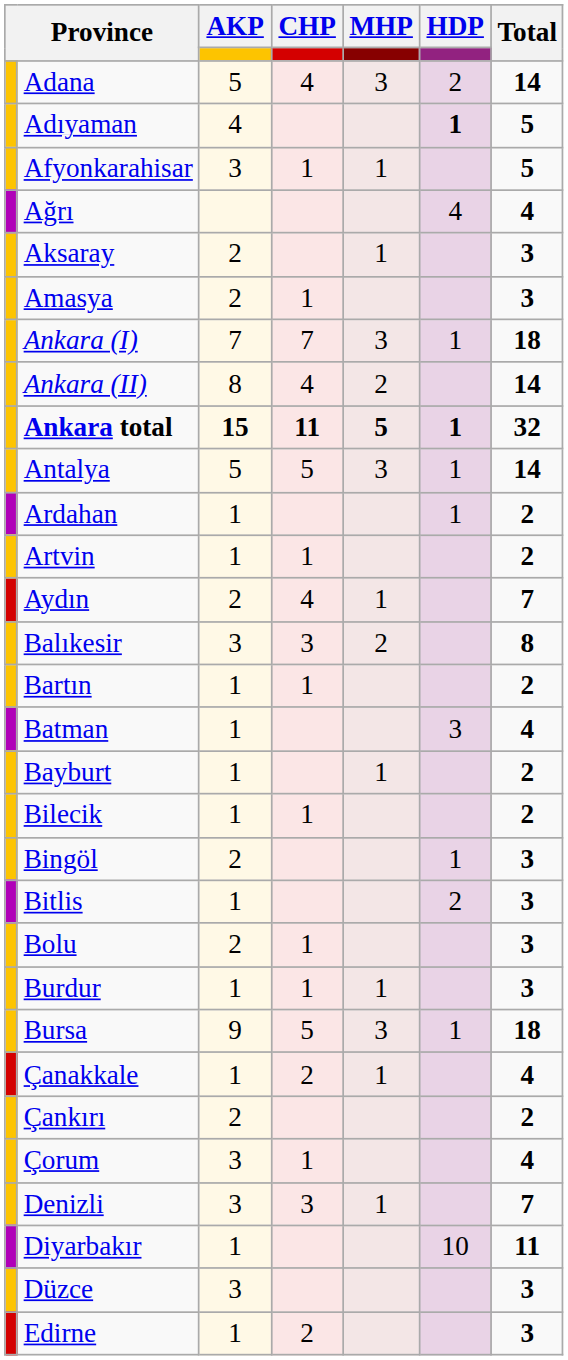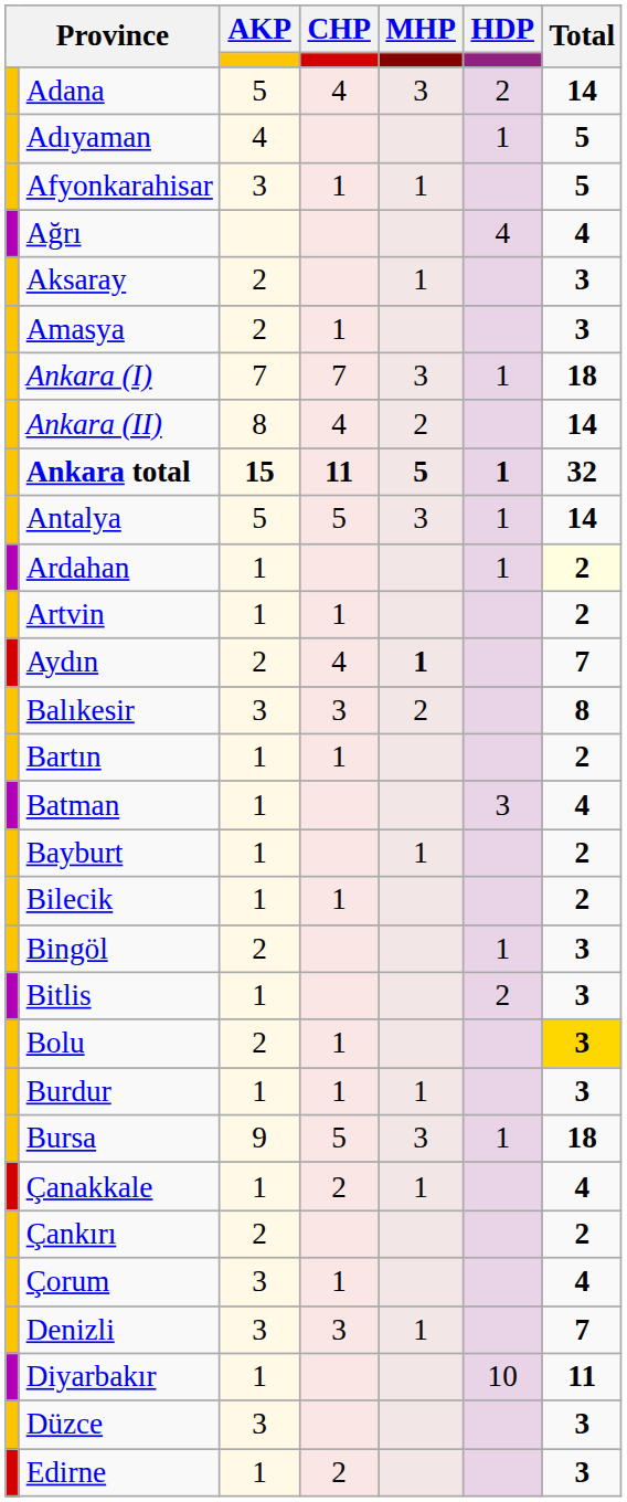 <table class="wikitable" style="text-align:center">
 <tr>
 <th rowspan="2" colspan="2" style="width: 70px;">Province</th>
 <th style="width: 35px;"><a href='#'>AKP</a></th>
 <th style="width: 35px;"><a href='#'>CHP</a></th>
 <th style="width: 35px;"><a href='#'>MHP</a></th>
 <th style="width: 35px;"><a href='#'>HDP</a></th>
 <th rowspan="2">Total</th>
 </tr>
 <tr>
 <th style="background: #fdc400"></th>
 <th style="background: #d40000"></th>
 <th style="background: #870000"></th>
 <th style="background: #922280"></th>
 </tr>
 <tr>
 <td style="background: #fdc400"></td>
 <td style="text-align:left"><a href='#'>Adana</a></td>
 <td style="background:#FFF9E6">5</td>
 <td style="background:#FBE6E6">4</td>
 <td style="background:#F3E6E6">3</td>
 <td style="background:#E9D3E6">2</td>
 <td><strong>14</strong></td>
 </tr>
 <tr>
 <td style="background: #fdc400"></td>
 <td style="text-align:left"><a href='#'>Adıyaman</a></td>
 <td style="background:#FFF9E6">4</td>
 <td style="background:#FBE6E6"></td>
 <td style="background:#F3E6E6"></td>
-<td style="background:#E9D3E6"><strong>1</strong></td>
+<td style="background:#E9D3E6">1</td>
 <td><strong>5</strong></td>
 </tr>
 <tr>
 <td style="background: #fdc400"></td>
 <td style="text-align:left"><a href='#'>Afyonkarahisar</a></td>
 <td style="background:#FFF9E6">3</td>
 <td style="background:#FBE6E6">1</td>
 <td style="background:#F3E6E6">1</td>
 <td style="background:#E9D3E6"></td>
 <td><strong>5</strong></td>
 </tr>
 <tr>
 <td style="background: #b000b8"></td>
 <td style="text-align:left"><a href='#'>Ağrı</a></td>
 <td style="background:#FFF9E6"></td>
 <td style="background:#FBE6E6"></td>
 <td style="background:#F3E6E6"></td>
 <td style="background:#E9D3E6">4</td>
 <td><strong>4</strong></td>
 </tr>
 <tr>
 <td style="background: #fdc400"></td>
 <td style="text-align:left"><a href='#'>Aksaray</a></td>
 <td style="background:#FFF9E6">2</td>
 <td style="background:#FBE6E6"></td>
 <td style="background:#F3E6E6">1</td>
 <td style="background:#E9D3E6"></td>
 <td><strong>3</strong></td>
 </tr>
 <tr>
 <td style="background: #fdc400"></td>
 <td style="text-align:left"><a href='#'>Amasya</a></td>
 <td style="background:#FFF9E6">2</td>
 <td style="background:#FBE6E6">1</td>
 <td style="background:#F3E6E6"></td>
 <td style="background:#E9D3E6"></td>
 <td><strong>3</strong></td>
 </tr>
 <tr>
 <td style="background: #fdc400"></td>
 <td style="text-align:left"><em><a href='#'>Ankara (I)</a></em></td>
 <td style="background:#FFF9E6">7</td>
 <td style="background:#FBE6E6">7</td>
 <td style="background:#F3E6E6">3</td>
 <td style="background:#E9D3E6">1</td>
 <td><strong>18</strong></td>
 </tr>
 <tr>
 <td style="background: #fdc400"></td>
 <td style="text-align:left"><em><a href='#'>Ankara (II)</a></em></td>
 <td style="background:#FFF9E6">8</td>
 <td style="background:#FBE6E6">4</td>
 <td style="background:#F3E6E6">2</td>
 <td style="background:#E9D3E6"></td>
 <td><strong>14</strong></td>
 </tr>
 <tr style="font-weight:bold">
 <td style="background: #fdc400"></td>
 <td style="text-align:left"><a href='#'>Ankara</a> total</td>
 <td style="background:#FFF9E6">15</td>
 <td style="background:#FBE6E6">11</td>
 <td style="background:#F3E6E6">5</td>
 <td style="background:#E9D3E6">1</td>
 <td><strong>32</strong></td>
 </tr>
 <tr>
 <td style="background: #fdc400"></td>
 <td style="text-align:left"><a href='#'>Antalya</a></td>
 <td style="background:#FFF9E6">5</td>
 <td style="background:#FBE6E6">5</td>
 <td style="background:#F3E6E6">3</td>
 <td style="background:#E9D3E6">1</td>
 <td><strong>14</strong></td>
 </tr>
 <tr>
 <td style="background: #b000b8"></td>
 <td style="text-align:left"><a href='#'>Ardahan</a></td>
 <td style="background:#FFF9E6">1</td>
 <td style="background:#FBE6E6"></td>
 <td style="background:#F3E6E6"></td>
 <td style="background:#E9D3E6">1</td>
-<td><strong>2</strong></td>
+<td style="background: lightyellow;"><strong>2</strong></td>
 </tr>
 <tr>
 <td style="background: #fdc400"></td>
 <td style="text-align:left"><a href='#'>Artvin</a></td>
 <td style="background:#FFF9E6">1</td>
 <td style="background:#FBE6E6">1</td>
 <td style="background:#F3E6E6"></td>
 <td style="background:#E9D3E6"></td>
 <td><strong>2</strong></td>
 </tr>
 <tr>
 <td style="background: #d40000"></td>
 <td style="text-align:left"><a href='#'>Aydın</a></td>
 <td style="background:#FFF9E6">2</td>
 <td style="background:#FBE6E6">4</td>
-<td style="background:#F3E6E6">1</td>
+<td style="background:#F3E6E6"><strong>1</strong></td>
 <td style="background:#E9D3E6"></td>
 <td><strong>7</strong></td>
 </tr>
 <tr>
 <td style="background: #fdc400"></td>
 <td style="text-align:left"><a href='#'>Balıkesir</a></td>
 <td style="background:#FFF9E6">3</td>
 <td style="background:#FBE6E6">3</td>
 <td style="background:#F3E6E6">2</td>
 <td style="background:#E9D3E6"></td>
 <td><strong>8</strong></td>
 </tr>
 <tr>
 <td style="background: #fdc400"></td>
 <td style="text-align:left"><a href='#'>Bartın</a></td>
 <td style="background:#FFF9E6">1</td>
 <td style="background:#FBE6E6">1</td>
 <td style="background:#F3E6E6"></td>
 <td style="background:#E9D3E6"></td>
 <td><strong>2</strong></td>
 </tr>
 <tr>
 <td style="background: #b000b8"></td>
 <td style="text-align:left"><a href='#'>Batman</a></td>
 <td style="background:#FFF9E6">1</td>
 <td style="background:#FBE6E6"></td>
 <td style="background:#F3E6E6"></td>
 <td style="background:#E9D3E6">3</td>
 <td><strong>4</strong></td>
 </tr>
 <tr>
 <td style="background: #fdc400"></td>
 <td style="text-align:left"><a href='#'>Bayburt</a></td>
 <td style="background:#FFF9E6">1</td>
 <td style="background:#FBE6E6"></td>
 <td style="background:#F3E6E6">1</td>
 <td style="background:#E9D3E6"></td>
 <td><strong>2</strong></td>
 </tr>
 <tr>
 <td style="background: #fdc400"></td>
 <td style="text-align:left"><a href='#'>Bilecik</a></td>
 <td style="background:#FFF9E6">1</td>
 <td style="background:#FBE6E6">1</td>
 <td style="background:#F3E6E6"></td>
 <td style="background:#E9D3E6"></td>
 <td><strong>2</strong></td>
 </tr>
 <tr>
 <td style="background: #fdc400"></td>
 <td style="text-align:left"><a href='#'>Bingöl</a></td>
 <td style="background:#FFF9E6">2</td>
 <td style="background:#FBE6E6"></td>
 <td style="background:#F3E6E6"></td>
 <td style="background:#E9D3E6">1</td>
 <td><strong>3</strong></td>
 </tr>
 <tr>
 <td style="background: #b000b8"></td>
 <td style="text-align:left"><a href='#'>Bitlis</a></td>
 <td style="background:#FFF9E6">1</td>
 <td style="background:#FBE6E6"></td>
 <td style="background:#F3E6E6"></td>
 <td style="background:#E9D3E6">2</td>
 <td><strong>3</strong></td>
 </tr>
 <tr>
 <td style="background: #fdc400"></td>
 <td style="text-align:left"><a href='#'>Bolu</a></td>
 <td style="background:#FFF9E6">2</td>
 <td style="background:#FBE6E6">1</td>
 <td style="background:#F3E6E6"></td>
 <td style="background:#E9D3E6"></td>
-<td><strong>3</strong></td>
+<td style="background: gold;"><strong>3</strong></td>
 </tr>
 <tr>
 <td style="background: #fdc400"></td>
 <td style="text-align:left"><a href='#'>Burdur</a></td>
 <td style="background:#FFF9E6">1</td>
 <td style="background:#FBE6E6">1</td>
 <td style="background:#F3E6E6">1</td>
 <td style="background:#E9D3E6"></td>
 <td><strong>3</strong></td>
 </tr>
 <tr>
 <td style="background: #fdc400"></td>
 <td style="text-align:left"><a href='#'>Bursa</a></td>
 <td style="background:#FFF9E6">9</td>
 <td style="background:#FBE6E6">5</td>
 <td style="background:#F3E6E6">3</td>
 <td style="background:#E9D3E6">1</td>
 <td><strong>18</strong></td>
 </tr>
 <tr>
 <td style="background: #d40000"></td>
 <td style="text-align:left"><a href='#'>Çanakkale</a></td>
 <td style="background:#FFF9E6">1</td>
 <td style="background:#FBE6E6">2</td>
 <td style="background:#F3E6E6">1</td>
 <td style="background:#E9D3E6"></td>
 <td><strong>4</strong></td>
 </tr>
 <tr>
 <td style="background: #fdc400"></td>
 <td style="text-align:left"><a href='#'>Çankırı</a></td>
 <td style="background:#FFF9E6">2</td>
 <td style="background:#FBE6E6"></td>
 <td style="background:#F3E6E6"></td>
 <td style="background:#E9D3E6"></td>
 <td><strong>2</strong></td>
 </tr>
 <tr>
 <td style="background: #fdc400"></td>
 <td style="text-align:left"><a href='#'>Çorum</a></td>
 <td style="background:#FFF9E6">3</td>
 <td style="background:#FBE6E6">1</td>
 <td style="background:#F3E6E6"></td>
 <td style="background:#E9D3E6"></td>
 <td><strong>4</strong></td>
 </tr>
 <tr>
 <td style="background: #fdc400"></td>
 <td style="text-align:left"><a href='#'>Denizli</a></td>
 <td style="background:#FFF9E6">3</td>
 <td style="background:#FBE6E6">3</td>
 <td style="background:#F3E6E6">1</td>
 <td style="background:#E9D3E6"></td>
 <td><strong>7</strong></td>
 </tr>
 <tr>
 <td style="background: #b000b8"></td>
 <td style="text-align:left"><a href='#'>Diyarbakır</a></td>
 <td style="background:#FFF9E6">1</td>
 <td style="background:#FBE6E6"></td>
 <td style="background:#F3E6E6"></td>
 <td style="background:#E9D3E6">10</td>
 <td><strong>11</strong></td>
 </tr>
 <tr>
 <td style="background: #fdc400"></td>
 <td style="text-align:left"><a href='#'>Düzce</a></td>
 <td style="background:#FFF9E6">3</td>
 <td style="background:#FBE6E6"></td>
 <td style="background:#F3E6E6"></td>
 <td style="background:#E9D3E6"></td>
 <td><strong>3</strong></td>
 </tr>
 <tr>
 <td style="background: #d40000"></td>
 <td style="text-align:left"><a href='#'>Edirne</a></td>
 <td style="background:#FFF9E6">1</td>
 <td style="background:#FBE6E6">2</td>
 <td style="background:#F3E6E6"></td>
 <td style="background:#E9D3E6"></td>
 <td><strong>3</strong></td>
 </tr>
 </table>
